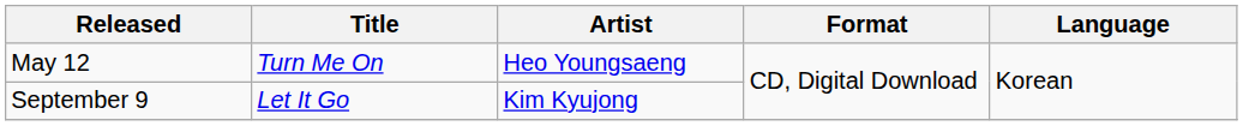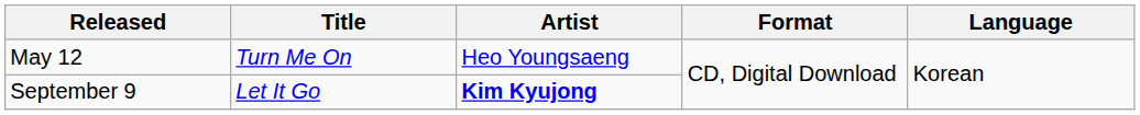 <table class="wikitable sortable" align="left center" style="width:65%;">
 <tr>
 <th style="width:20%;">Released</th>
 <th style="width:20%;">Title</th>
 <th style="width:20%;">Artist</th>
 <th style="width:20%;">Format</th>
 <th style="width:20%;">Language</th>
 </tr>
 <tr>
 <td>May 12</td>
 <td><em><a href='#'>Turn Me On</a></em></td>
 <td><a href='#'>Heo Youngsaeng</a></td>
 <td rowspan=2>CD, Digital Download</td>
 <td rowspan=2>Korean</td>
 </tr>
 <tr>
 <td>September 9</td>
 <td><em><a href='#'>Let It Go</a></em></td>
-<td><a href='#'>Kim Kyujong</a></td>
+<td><strong><a href='#'>Kim Kyujong</a></strong></td>
 </tr>
 <tr>
 </tr>
 </table>
